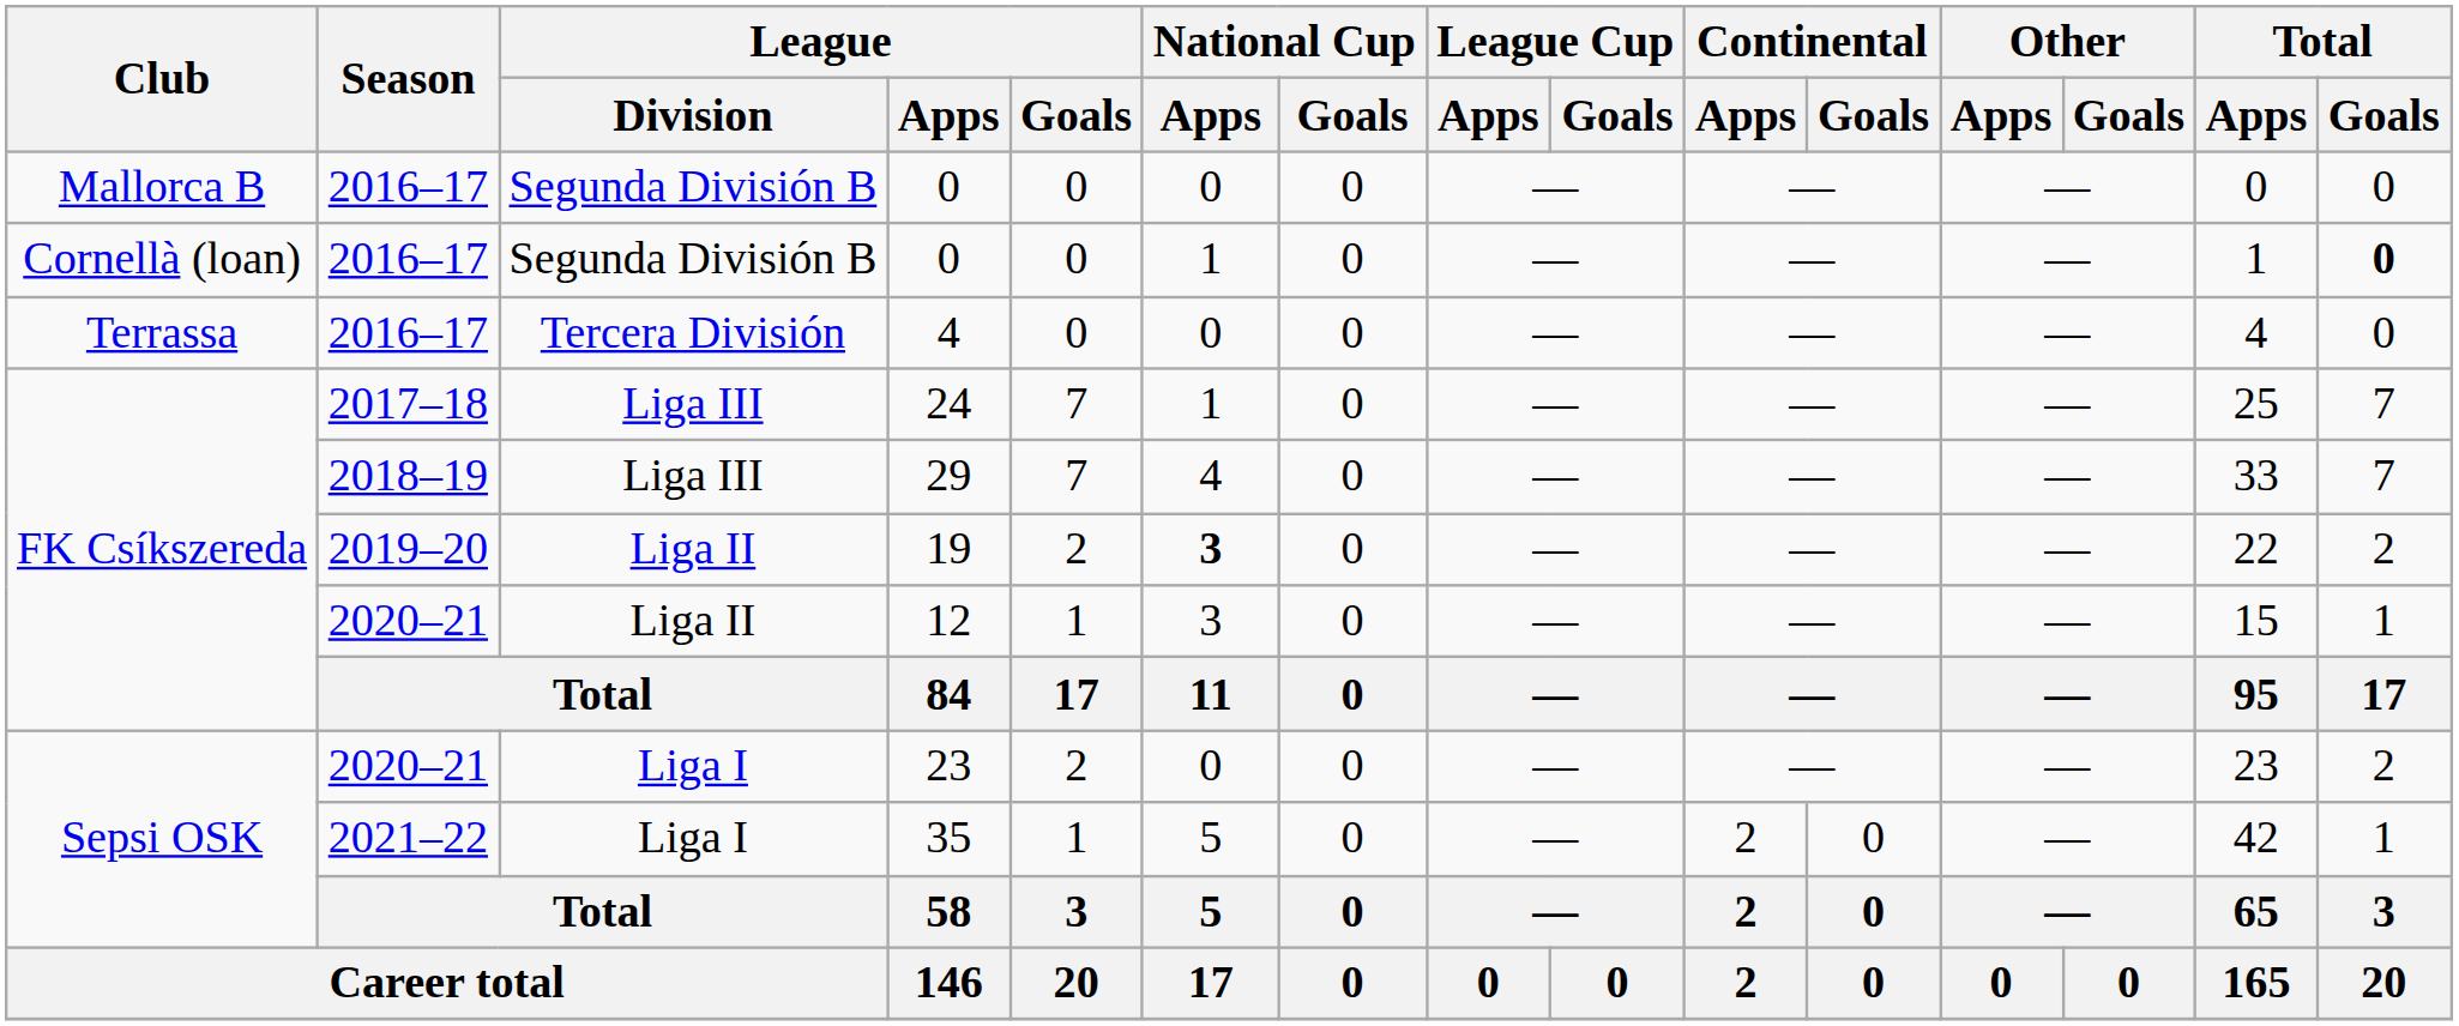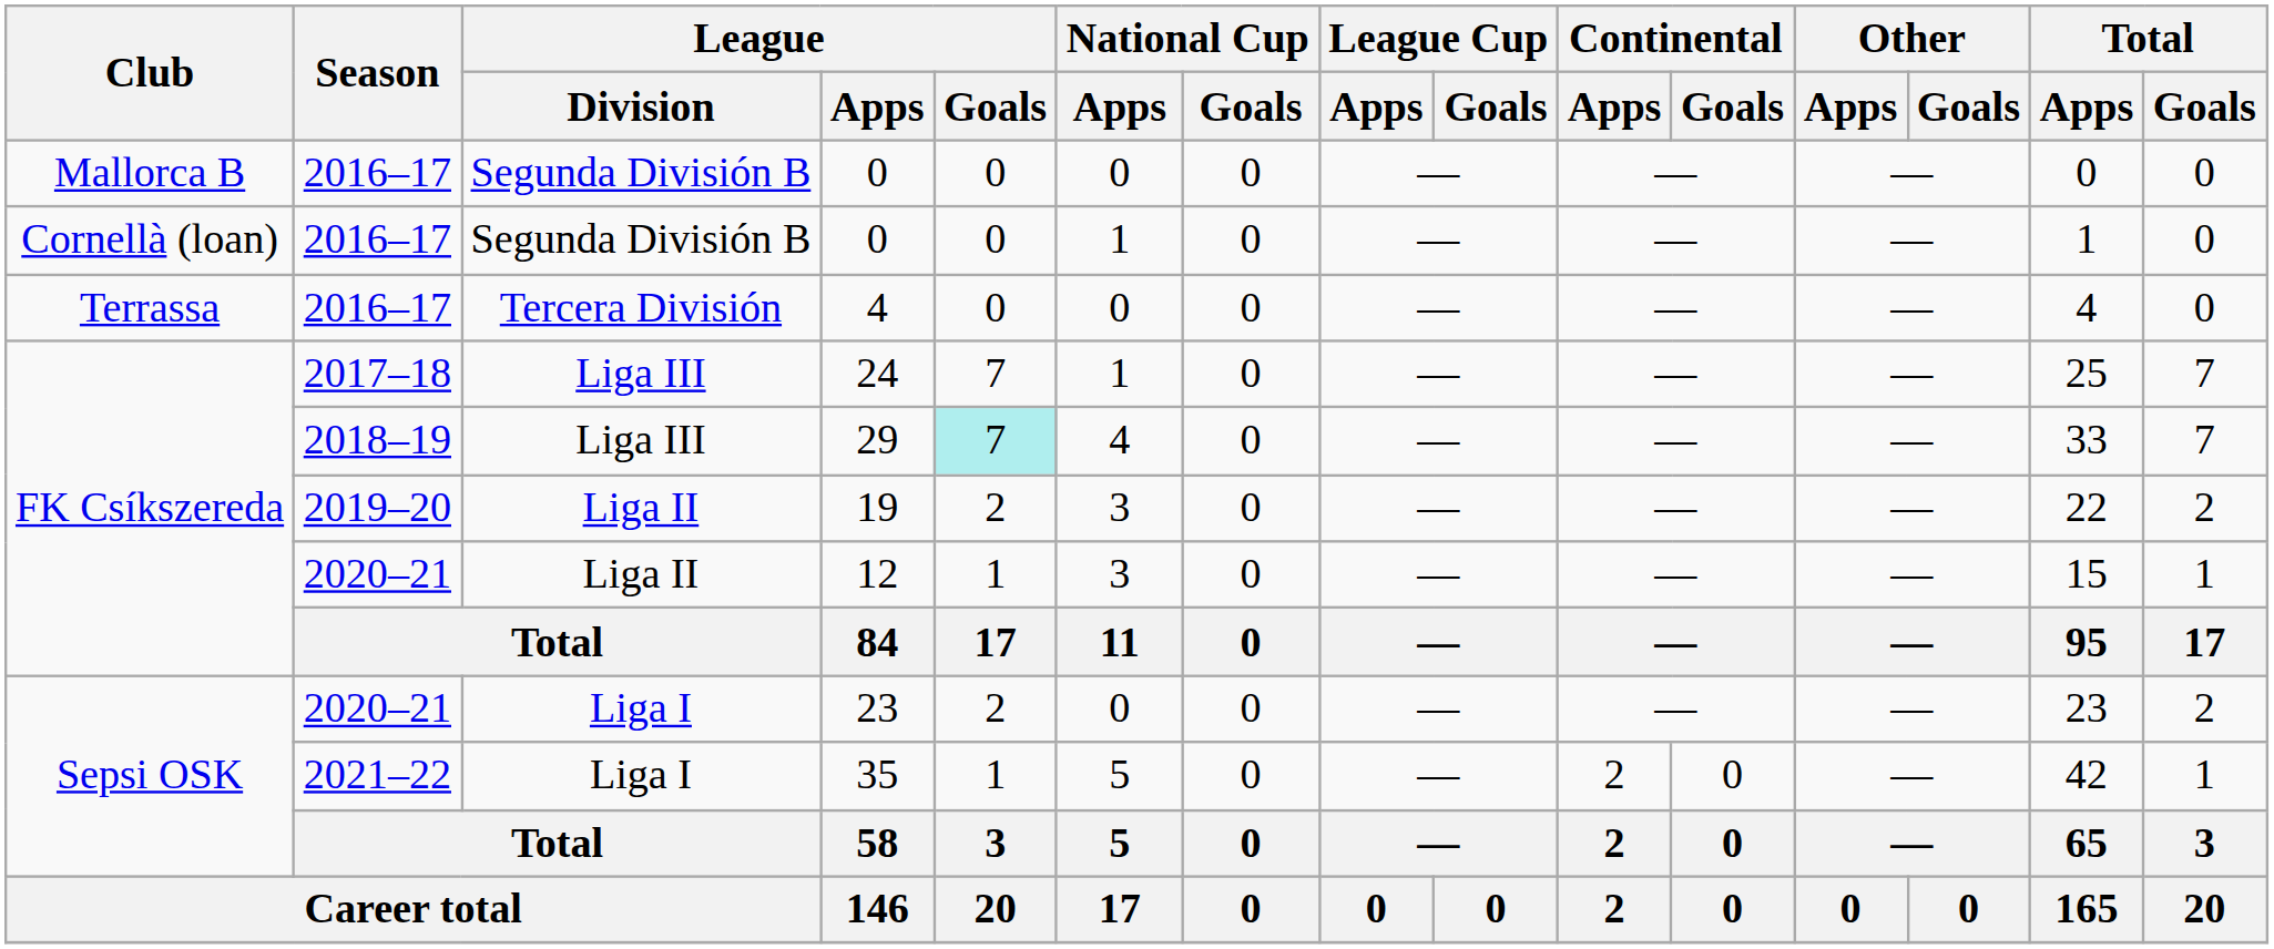 <table class="wikitable" style="font-size:100%; text-align: center;">
 <tr>
 <th rowspan=2>Club</th>
 <th rowspan=2>Season</th>
 <th colspan=3>League</th>
 <th colspan=2>National Cup</th>
 <th colspan=2>League Cup</th>
 <th colspan=2>Continental</th>
 <th colspan=2>Other</th>
 <th colspan=2>Total</th>
 </tr>
 <tr>
 <th>Division</th>
 <th>Apps</th>
 <th>Goals</th>
 <th>Apps</th>
 <th>Goals</th>
 <th>Apps</th>
 <th>Goals</th>
 <th>Apps</th>
 <th>Goals</th>
 <th>Apps</th>
 <th>Goals</th>
 <th>Apps</th>
 <th>Goals</th>
 </tr>
 <tr>
 <td><a href='#'>Mallorca B</a></td>
 <td><a href='#'>2016–17</a></td>
 <td><a href='#'>Segunda División B</a></td>
 <td>0</td>
 <td>0</td>
 <td>0</td>
 <td>0</td>
 <td colspan="2">—</td>
 <td colspan="2">—</td>
 <td colspan="2">—</td>
 <td>0</td>
 <td>0</td>
 </tr>
 <tr>
 <td><a href='#'>Cornellà</a> (loan)</td>
 <td><a href='#'>2016–17</a></td>
 <td>Segunda División B</td>
 <td>0</td>
 <td>0</td>
 <td>1</td>
 <td>0</td>
 <td colspan="2">—</td>
 <td colspan="2">—</td>
 <td colspan="2">—</td>
 <td>1</td>
-<td><strong>0</strong></td>
+<td>0</td>
 </tr>
 <tr>
 <td><a href='#'>Terrassa</a></td>
 <td><a href='#'>2016–17</a></td>
 <td><a href='#'>Tercera División</a></td>
 <td>4</td>
 <td>0</td>
 <td>0</td>
 <td>0</td>
 <td colspan="2">—</td>
 <td colspan="2">—</td>
 <td colspan="2">—</td>
 <td>4</td>
 <td>0</td>
 </tr>
 <tr>
 <td rowspan="5"><a href='#'>FK Csíkszereda</a></td>
 <td><a href='#'>2017–18</a></td>
 <td><a href='#'>Liga III</a></td>
 <td>24</td>
 <td>7</td>
 <td>1</td>
 <td>0</td>
 <td colspan="2">—</td>
 <td colspan="2">—</td>
 <td colspan="2">—</td>
 <td>25</td>
 <td>7</td>
 </tr>
 <tr>
 <td><a href='#'>2018–19</a></td>
 <td>Liga III</td>
 <td>29</td>
-<td>7</td>
+<td style="background: paleturquoise;">7</td>
 <td>4</td>
 <td>0</td>
 <td colspan="2">—</td>
 <td colspan="2">—</td>
 <td colspan="2">—</td>
 <td>33</td>
 <td>7</td>
 </tr>
 <tr>
 <td><a href='#'>2019–20</a></td>
 <td><a href='#'>Liga II</a></td>
 <td>19</td>
 <td>2</td>
-<td><strong>3</strong></td>
+<td>3</td>
 <td>0</td>
 <td colspan="2">—</td>
 <td colspan="2">—</td>
 <td colspan="2">—</td>
 <td>22</td>
 <td>2</td>
 </tr>
 <tr>
 <td><a href='#'>2020–21</a></td>
 <td>Liga II</td>
 <td>12</td>
 <td>1</td>
 <td>3</td>
 <td>0</td>
 <td colspan="2">—</td>
 <td colspan="2">—</td>
 <td colspan="2">—</td>
 <td>15</td>
 <td>1</td>
 </tr>
 <tr>
 <th colspan="2">Total</th>
 <th>84</th>
 <th>17</th>
 <th>11</th>
 <th>0</th>
 <th colspan="2">—</th>
 <th colspan="2">—</th>
 <th colspan="2">—</th>
 <th>95</th>
 <th>17</th>
 </tr>
 <tr>
 <td rowspan="3"><a href='#'>Sepsi OSK</a></td>
 <td><a href='#'>2020–21</a></td>
 <td><a href='#'>Liga I</a></td>
 <td>23</td>
 <td>2</td>
 <td>0</td>
 <td>0</td>
 <td colspan="2">—</td>
 <td colspan="2">—</td>
 <td colspan="2">—</td>
 <td>23</td>
 <td>2</td>
 </tr>
 <tr>
 <td><a href='#'>2021–22</a></td>
 <td>Liga I</td>
 <td>35</td>
 <td>1</td>
 <td>5</td>
 <td>0</td>
 <td colspan="2">—</td>
 <td>2</td>
 <td>0</td>
 <td colspan="2">—</td>
 <td>42</td>
 <td>1</td>
 </tr>
 <tr>
 <th colspan="2">Total</th>
 <th>58</th>
 <th>3</th>
 <th>5</th>
 <th>0</th>
 <th colspan="2">—</th>
 <th>2</th>
 <th>0</th>
 <th colspan="2">—</th>
 <th>65</th>
 <th>3</th>
 </tr>
 <tr>
 <th colspan="3"><strong>Career total</strong></th>
 <th>146</th>
 <th>20</th>
 <th>17</th>
 <th>0</th>
 <th>0</th>
 <th>0</th>
 <th>2</th>
 <th>0</th>
 <th>0</th>
 <th>0</th>
 <th>165</th>
 <th>20</th>
 </tr>
 <tr>
 </tr>
 </table>
